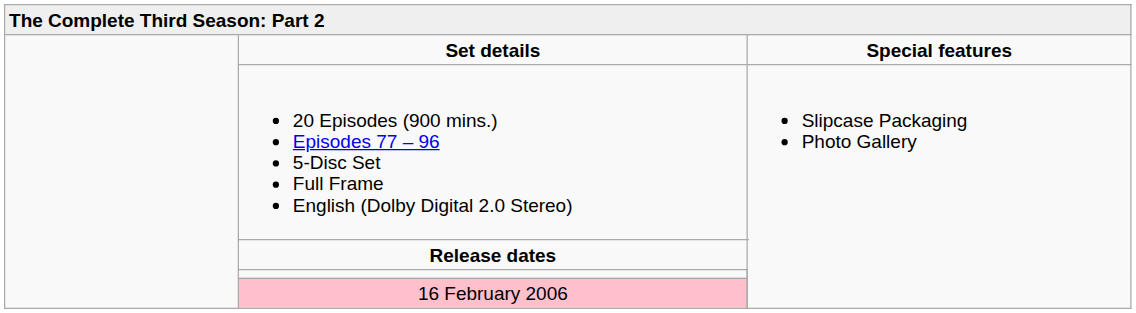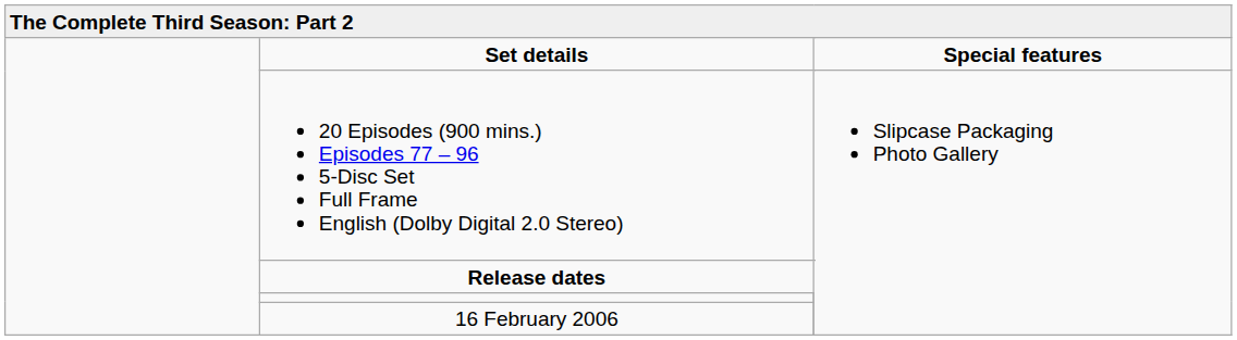 <table class="wikitable" style="font-size: 95%;">
 <tr style="background:#EFEFEF">
 <td colspan="5"><strong>The Complete Third Season: Part 2</strong></td>
 </tr>
 <tr>
 <td rowspan="6" align="center" width="180"></td>
 <td align="center" width="350" colspan="3"><strong>Set details</strong></td>
 <td width="250" align="center"><strong>Special features</strong></td>
 </tr>
 <tr valign="top">
 <td colspan="3" align="left" width="400"><br><ul><li>20 Episodes (900 mins.)</li><li><a href='#'>Episodes 77 – 96</a></li><li>5-Disc Set</li><li>Full Frame</li><li>English (Dolby Digital 2.0 Stereo)</li></ul></td>
 <td rowspan="4" align="left" width="300"><br><ul><li>Slipcase Packaging</li><li>Photo Gallery</li></ul></td>
 </tr>
 <tr>
 <td colspan="3" align="center"><strong>Release dates</strong></td>
 </tr>
 <tr>
 <td align="center"></td>
 </tr>
 <tr>
-<td align="center" style="background: pink;">16 February 2006</td>
+<td align="center">16 February 2006</td>
 </tr>
 </table>
